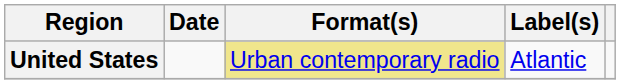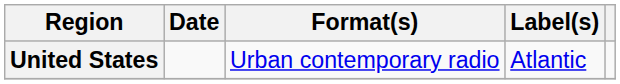 <table class="wikitable plainrowheaders" style="text-align:left">
 <tr>
 <th scope="col">Region</th>
 <th scope="col">Date</th>
 <th scope="col">Format(s)</th>
 <th scope="col">Label(s)</th>
 <th scope="col"></th>
 </tr>
 <tr>
 <th scope="row">United States</th>
 <td></td>
-<td style="background: khaki;"><a href='#'>Urban contemporary radio</a></td>
+<td><a href='#'>Urban contemporary radio</a></td>
 <td><a href='#'>Atlantic</a></td>
 <td></td>
 </tr>
 <tr>
 </tr>
 </table>
